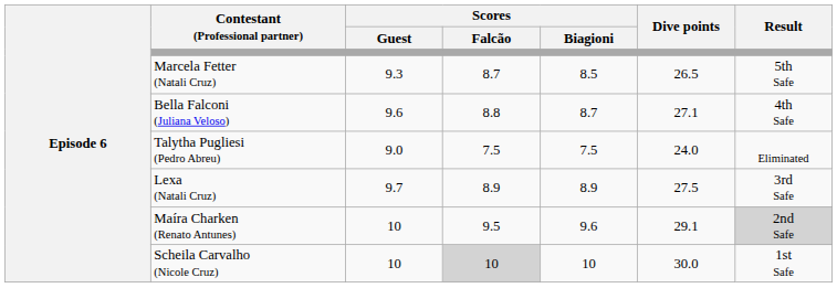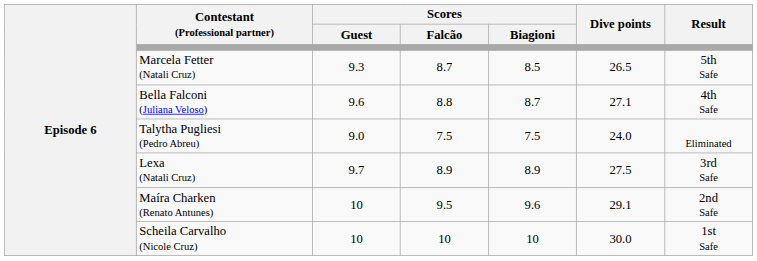 <table class="wikitable" style="text-align:center; width:75%;">
 <tr>
 <th rowspan=09 style="width:15%;">Episode 6<br><small></small></th>
 <th rowspan=02 style="width:20%;">Contestant<br><small>(Professional partner)</small></th>
 <th colspan=03 style="width:30%;">Scores</th>
 <th rowspan=02 style="width:10%;">Dive points</th>
 <th rowspan=02 style="width:10%;">Result</th>
 </tr>
 <tr>
 <th style="width:10%;">Guest</th>
 <th style="width:10%;">Falcão</th>
 <th style="width:10%;">Biagioni</th>
 </tr>
 <tr>
 <td colspan=6 bgcolor="#A9A9A9"></td>
 </tr>
 <tr>
 <td align="left">Marcela Fetter<br><small>(Natali Cruz)</small></td>
 <td>9.3</td>
 <td>8.7</td>
 <td>8.5</td>
 <td>26.5</td>
 <td>5th<br><small>Safe</small></td>
 </tr>
 <tr>
 <td align="left">Bella Falconi<br><small>(<a href='#'>Juliana Veloso</a>)</small></td>
 <td>9.6</td>
 <td>8.8</td>
 <td>8.7</td>
 <td>27.1</td>
 <td>4th<br><small>Safe</small></td>
 </tr>
 <tr>
 <td align="left">Talytha Pugliesi<br><small>(Pedro Abreu)</small></td>
 <td>9.0</td>
 <td>7.5</td>
 <td>7.5</td>
 <td>24.0</td>
 <td><br><small>Eliminated</small></td>
 </tr>
 <tr>
 <td align="left">Lexa<br><small>(Natali Cruz)</small></td>
 <td>9.7</td>
 <td>8.9</td>
 <td>8.9</td>
 <td>27.5</td>
 <td>3rd<br><small>Safe</small></td>
 </tr>
 <tr>
 <td align="left">Maíra Charken<br><small>(Renato Antunes)</small></td>
 <td>10</td>
 <td>9.5</td>
 <td>9.6</td>
 <td>29.1</td>
-<td style="background: lightgrey;">2nd<br><small>Safe</small></td>
+<td>2nd<br><small>Safe</small></td>
 </tr>
 <tr>
 <td align="left">Scheila Carvalho<br><small>(Nicole Cruz)</small></td>
 <td>10</td>
-<td style="background: lightgrey;">10</td>
+<td>10</td>
 <td>10</td>
 <td>30.0</td>
 <td>1st<br><small>Safe</small></td>
 </tr>
 </table>
